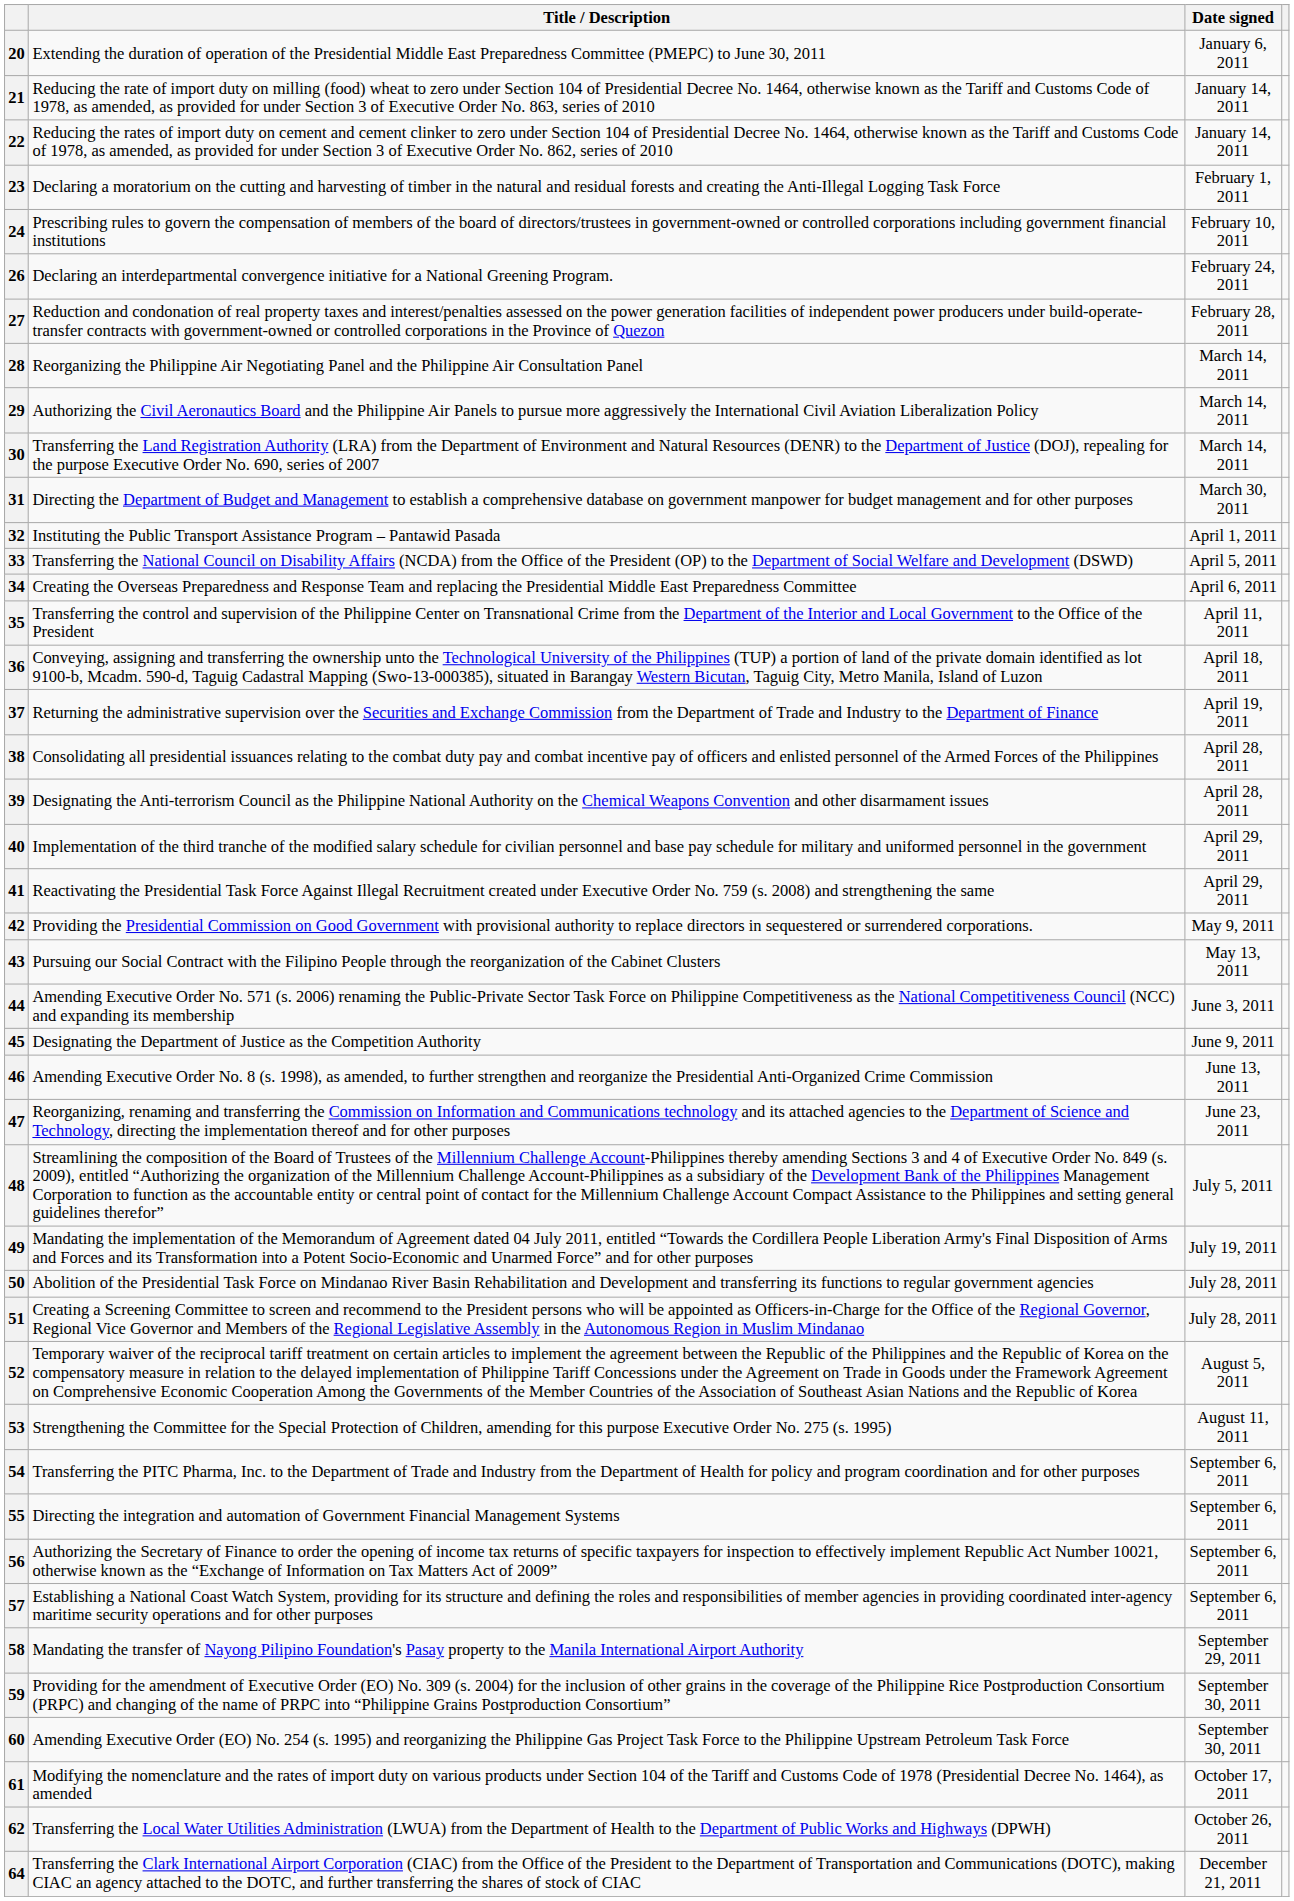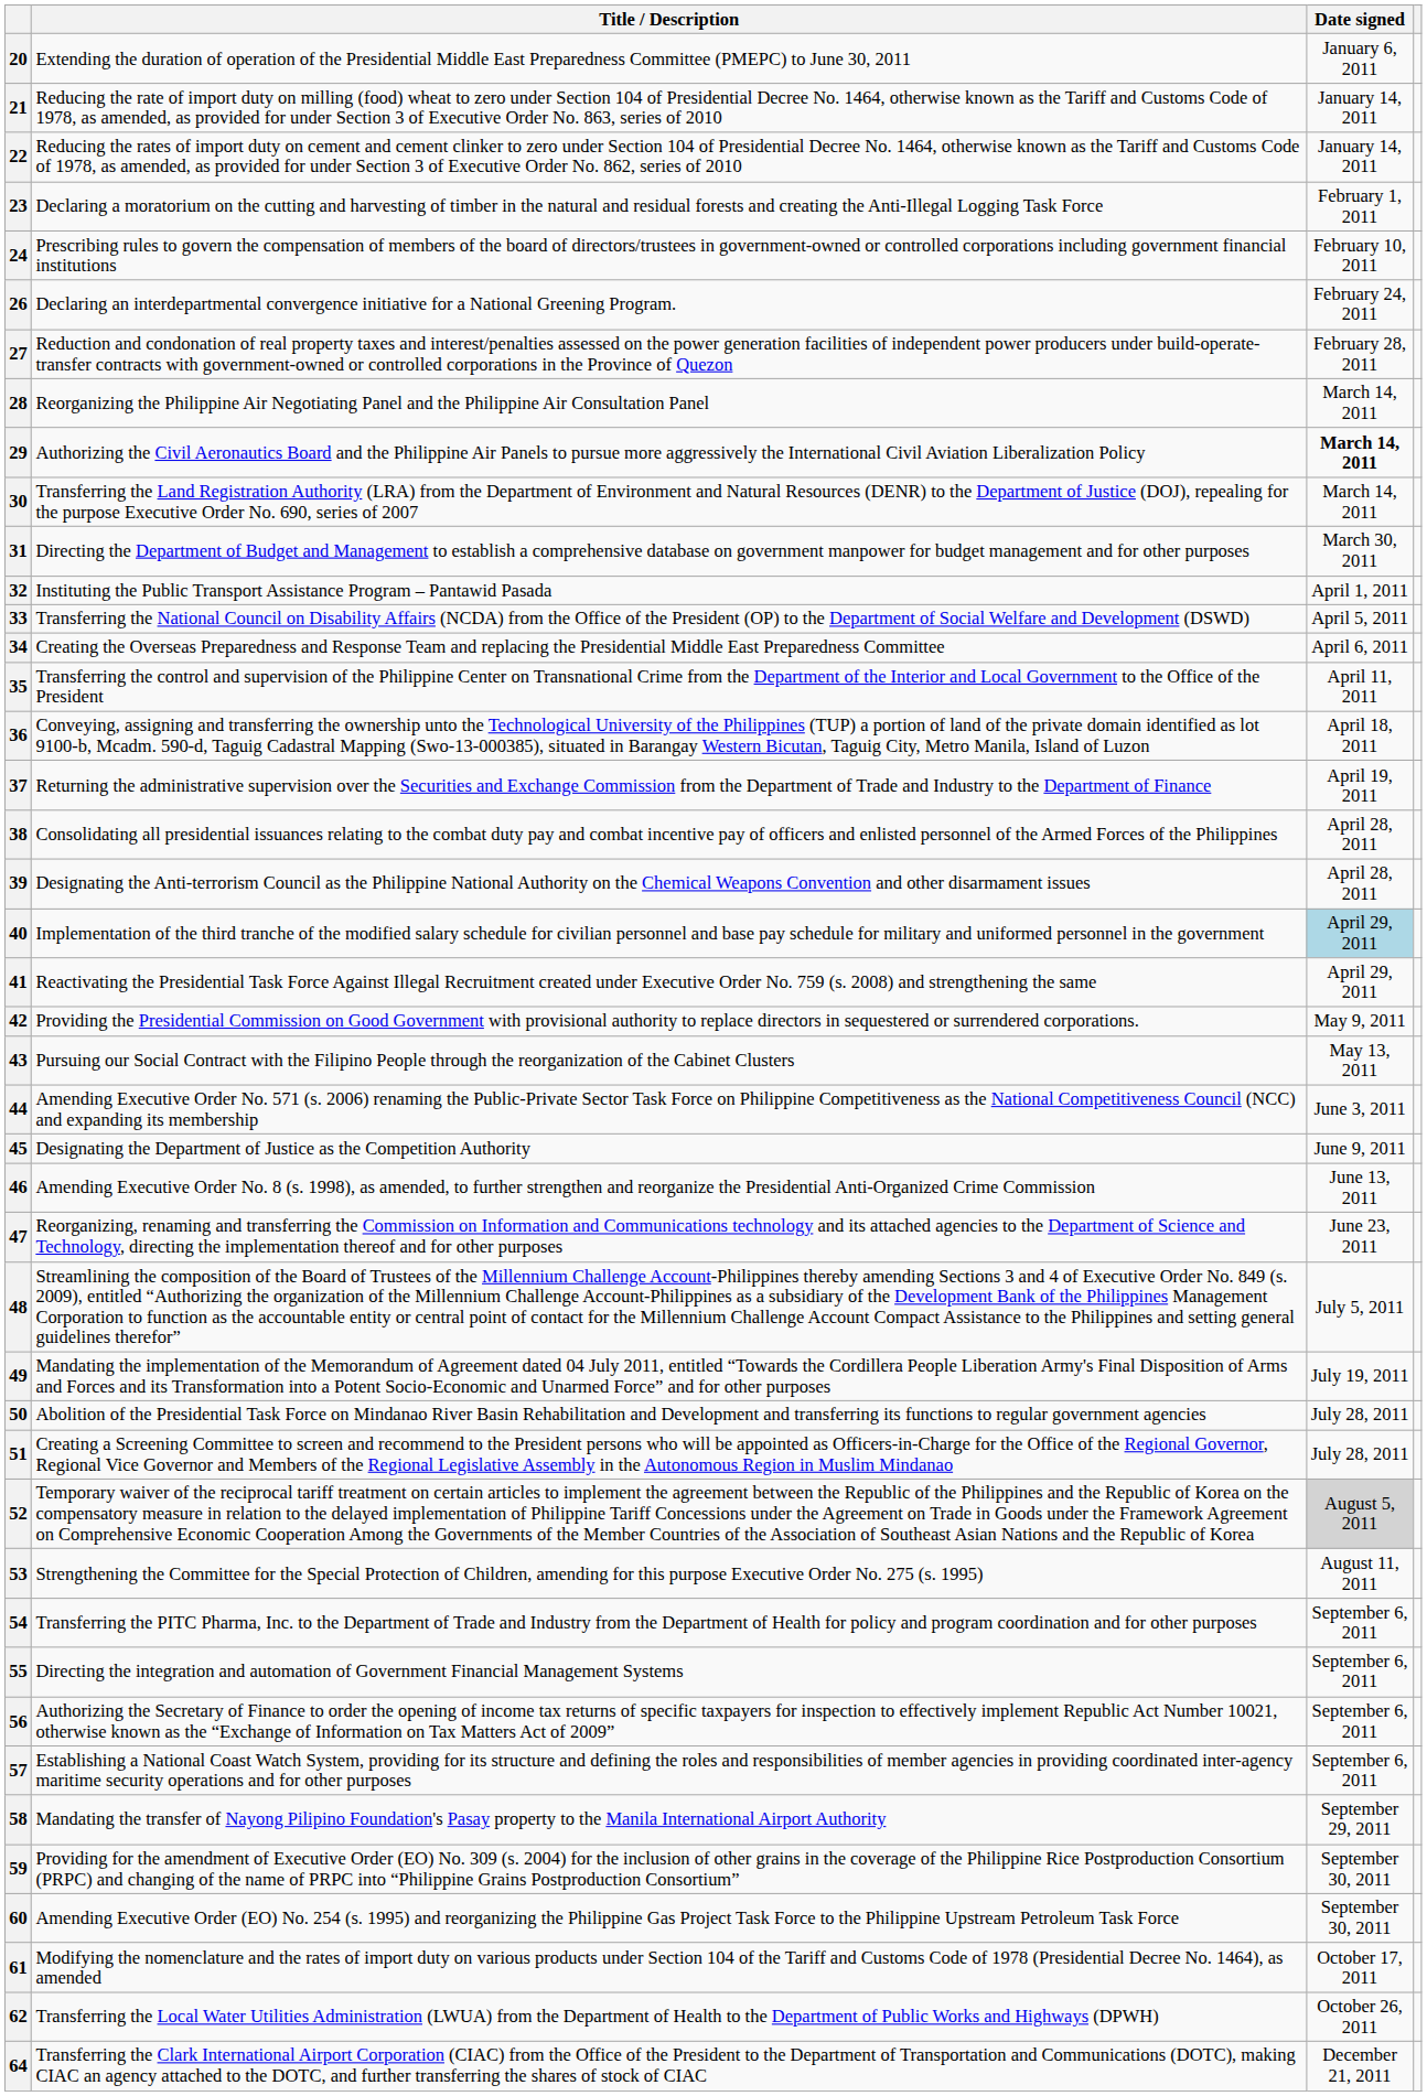 <table class="wikitable sortable" style="text-align:center;">
 <tr>
 <th scope="col"></th>
 <th scope="col">Title / Description</th>
 <th scope="col">Date signed</th>
 <th scope="col" class="unsortable"></th>
 </tr>
 <tr>
 <th scope="row">20</th>
 <td style="text-align:left;">Extending the duration of operation of the Presidential Middle East Preparedness Committee (PMEPC) to June 30, 2011</td>
 <td>January 6, 2011</td>
 <td></td>
 </tr>
 <tr>
 <th scope="row">21</th>
 <td style="text-align:left;">Reducing the rate of import duty on milling (food) wheat to zero under Section 104 of Presidential Decree No. 1464, otherwise known as the Tariff and Customs Code of 1978, as amended, as provided for under Section 3 of Executive Order No. 863, series of 2010</td>
 <td>January 14, 2011</td>
 <td></td>
 </tr>
 <tr>
 <th scope="row">22</th>
 <td style="text-align:left;">Reducing the rates of import duty on cement and cement clinker to zero under Section 104 of Presidential Decree No. 1464, otherwise known as the Tariff and Customs Code of 1978, as amended, as provided for under Section 3 of Executive Order No. 862, series of 2010</td>
 <td>January 14, 2011</td>
 <td></td>
 </tr>
 <tr>
 <th scope="row">23</th>
 <td style="text-align:left;">Declaring a moratorium on the cutting and harvesting of timber in the natural and residual forests and creating the Anti-Illegal Logging Task Force</td>
 <td>February 1, 2011</td>
 <td></td>
 </tr>
 <tr>
 <th scope="row">24</th>
 <td style="text-align:left;">Prescribing rules to govern the compensation of members of the board of directors/trustees in government-owned or controlled corporations including government financial institutions</td>
 <td>February 10, 2011</td>
 <td></td>
 </tr>
 <tr>
 <th scope="row">26</th>
 <td style="text-align:left;">Declaring an interdepartmental convergence initiative for a National Greening Program.</td>
 <td>February 24, 2011</td>
 <td></td>
 </tr>
 <tr>
 <th scope="row">27</th>
 <td style="text-align:left;">Reduction and condonation of real property taxes and interest/penalties assessed on the power generation facilities of independent power producers under build-operate-transfer contracts with government-owned or controlled corporations in the Province of <a href='#'>Quezon</a></td>
 <td>February 28, 2011</td>
 <td></td>
 </tr>
 <tr>
 <th scope="row">28</th>
 <td style="text-align:left;">Reorganizing the Philippine Air Negotiating Panel and the Philippine Air Consultation Panel</td>
 <td>March 14, 2011</td>
 <td></td>
 </tr>
 <tr>
 <th scope="row">29</th>
 <td style="text-align:left;">Authorizing the <a href='#'>Civil Aeronautics Board</a> and the Philippine Air Panels to pursue more aggressively the International Civil Aviation Liberalization Policy</td>
-<td>March 14, 2011</td>
+<td><strong>March 14, 2011</strong></td>
 <td></td>
 </tr>
 <tr>
 <th scope="row">30</th>
 <td style="text-align:left;">Transferring the <a href='#'>Land Registration Authority</a> (LRA) from the Department of Environment and Natural Resources (DENR) to the <a href='#'>Department of Justice</a> (DOJ), repealing for the purpose Executive Order No. 690, series of 2007</td>
 <td>March 14, 2011</td>
 <td></td>
 </tr>
 <tr>
 <th scope="row">31</th>
 <td style="text-align:left;">Directing the <a href='#'>Department of Budget and Management</a> to establish a comprehensive database on government manpower for budget management and for other purposes</td>
 <td>March 30, 2011</td>
 <td></td>
 </tr>
 <tr>
 <th scope="row">32</th>
 <td style="text-align:left;">Instituting the Public Transport Assistance Program – Pantawid Pasada</td>
 <td>April 1, 2011</td>
 <td></td>
 </tr>
 <tr>
 <th scope="row">33</th>
 <td style="text-align:left;">Transferring the <a href='#'>National Council on Disability Affairs</a> (NCDA) from the Office of the President (OP) to the <a href='#'>Department of Social Welfare and Development</a> (DSWD)</td>
 <td>April 5, 2011</td>
 <td></td>
 </tr>
 <tr>
 <th scope="row">34</th>
 <td style="text-align:left;">Creating the Overseas Preparedness and Response Team and replacing the Presidential Middle East Preparedness Committee</td>
 <td>April 6, 2011</td>
 <td></td>
 </tr>
 <tr>
 <th scope="row">35</th>
 <td style="text-align:left;">Transferring the control and supervision of the Philippine Center on Transnational Crime from the <a href='#'>Department of the Interior and Local Government</a> to the Office of the President</td>
 <td>April 11, 2011</td>
 <td></td>
 </tr>
 <tr>
 <th scope="row">36</th>
 <td style="text-align:left;">Conveying, assigning and transferring the ownership unto the <a href='#'>Technological University of the Philippines</a> (TUP) a portion of land of the private domain identified as lot 9100-b, Mcadm. 590-d, Taguig Cadastral Mapping (Swo-13-000385), situated in Barangay <a href='#'>Western Bicutan</a>, Taguig City, Metro Manila, Island of Luzon</td>
 <td>April 18, 2011</td>
 <td></td>
 </tr>
 <tr>
 <th scope="row">37</th>
 <td style="text-align:left;">Returning the administrative supervision over the <a href='#'>Securities and Exchange Commission</a> from the Department of Trade and Industry to the <a href='#'>Department of Finance</a></td>
 <td>April 19, 2011</td>
 <td></td>
 </tr>
 <tr>
 <th scope="row">38</th>
 <td style="text-align:left;">Consolidating all presidential issuances relating to the combat duty pay and combat incentive pay of officers and enlisted personnel of the Armed Forces of the Philippines</td>
 <td>April 28, 2011</td>
 <td></td>
 </tr>
 <tr>
 <th scope="row">39</th>
 <td style="text-align:left;">Designating the Anti-terrorism Council as the Philippine National Authority on the <a href='#'>Chemical Weapons Convention</a> and other disarmament issues</td>
 <td>April 28, 2011</td>
 <td></td>
 </tr>
 <tr>
 <th scope="row">40</th>
 <td style="text-align:left;">Implementation of the third tranche of the modified salary schedule for civilian personnel and base pay schedule for military and uniformed personnel in the government</td>
-<td>April 29, 2011</td>
+<td style="background: lightblue;">April 29, 2011</td>
 <td></td>
 </tr>
 <tr>
 <th scope="row">41</th>
 <td style="text-align:left;">Reactivating the Presidential Task Force Against Illegal Recruitment created under Executive Order No. 759 (s. 2008) and strengthening the same</td>
 <td>April 29, 2011</td>
 <td></td>
 </tr>
 <tr>
 <th scope="row">42</th>
 <td style="text-align:left;">Providing the <a href='#'>Presidential Commission on Good Government</a> with provisional authority to replace directors in sequestered or surrendered corporations.</td>
 <td>May 9, 2011</td>
 <td></td>
 </tr>
 <tr>
 <th scope="row">43</th>
 <td style="text-align:left;">Pursuing our Social Contract with the Filipino People through the reorganization of the Cabinet Clusters</td>
 <td>May 13, 2011</td>
 <td></td>
 </tr>
 <tr>
 <th scope="row">44</th>
 <td style="text-align:left;">Amending Executive Order No. 571 (s. 2006) renaming the Public-Private Sector Task Force on Philippine Competitiveness as the <a href='#'>National Competitiveness Council</a> (NCC) and expanding its membership</td>
 <td>June 3, 2011</td>
 <td></td>
 </tr>
 <tr>
 <th scope="row">45</th>
 <td style="text-align:left;">Designating the Department of Justice as the Competition Authority</td>
 <td>June 9, 2011</td>
 <td></td>
 </tr>
 <tr>
 <th scope="row">46</th>
 <td style="text-align:left;">Amending Executive Order No. 8 (s. 1998), as amended, to further strengthen and reorganize the Presidential Anti-Organized Crime Commission</td>
 <td>June 13, 2011</td>
 <td></td>
 </tr>
 <tr>
 <th scope="row">47</th>
 <td style="text-align:left;">Reorganizing, renaming and transferring the <a href='#'>Commission on Information and Communications technology</a> and its attached agencies to the <a href='#'>Department of Science and Technology</a>, directing the implementation thereof and for other purposes</td>
 <td>June 23, 2011</td>
 <td></td>
 </tr>
 <tr>
 <th scope="row">48</th>
 <td style="text-align:left;">Streamlining the composition of the Board of Trustees of the <a href='#'>Millennium Challenge Account</a>-Philippines thereby amending Sections 3 and 4 of Executive Order No. 849 (s. 2009), entitled “Authorizing the organization of the Millennium Challenge Account-Philippines as a subsidiary of the <a href='#'>Development Bank of the Philippines</a> Management Corporation to function as the accountable entity or central point of contact for the Millennium Challenge Account Compact Assistance to the Philippines and setting general guidelines therefor”</td>
 <td>July 5, 2011</td>
 <td></td>
 </tr>
 <tr>
 <th scope="row">49</th>
 <td style="text-align:left;">Mandating the implementation of the Memorandum of Agreement dated 04 July 2011, entitled “Towards the Cordillera People Liberation Army's Final Disposition of Arms and Forces and its Transformation into a Potent Socio-Economic and Unarmed Force” and for other purposes</td>
 <td>July 19, 2011</td>
 <td></td>
 </tr>
 <tr>
 <th scope="row">50</th>
 <td style="text-align:left;">Abolition of the Presidential Task Force on Mindanao River Basin Rehabilitation and Development and transferring its functions to regular government agencies</td>
 <td>July 28, 2011</td>
 <td></td>
 </tr>
 <tr>
 <th scope="row">51</th>
 <td style="text-align:left;">Creating a Screening Committee to screen and recommend to the President persons who will be appointed as Officers-in-Charge for the Office of the <a href='#'>Regional Governor</a>, Regional Vice Governor and Members of the <a href='#'>Regional Legislative Assembly</a> in the <a href='#'>Autonomous Region in Muslim Mindanao</a></td>
 <td>July 28, 2011</td>
 <td></td>
 </tr>
 <tr>
 <th scope="row">52</th>
 <td style="text-align:left;">Temporary waiver of the reciprocal tariff treatment on certain articles to implement the agreement between the Republic of the Philippines and the Republic of Korea on the compensatory measure in relation to the delayed implementation of Philippine Tariff Concessions under the Agreement on Trade in Goods under the Framework Agreement on Comprehensive Economic Cooperation Among the Governments of the Member Countries of the Association of Southeast Asian Nations and the Republic of Korea</td>
-<td>August 5, 2011</td>
+<td style="background: lightgrey;">August 5, 2011</td>
 <td></td>
 </tr>
 <tr>
 <th scope="row">53</th>
 <td style="text-align:left;">Strengthening the Committee for the Special Protection of Children, amending for this purpose Executive Order No. 275 (s. 1995)</td>
 <td>August 11, 2011</td>
 <td></td>
 </tr>
 <tr>
 <th scope="row">54</th>
 <td style="text-align:left;">Transferring the PITC Pharma, Inc. to the Department of Trade and Industry from the Department of Health for policy and program coordination and for other purposes</td>
 <td>September 6, 2011</td>
 <td></td>
 </tr>
 <tr>
 <th scope="row">55</th>
 <td style="text-align:left;">Directing the integration and automation of Government Financial Management Systems</td>
 <td>September 6, 2011</td>
 <td></td>
 </tr>
 <tr>
 <th scope="row">56</th>
 <td style="text-align:left;">Authorizing the Secretary of Finance to order the opening of income tax returns of specific taxpayers for inspection to effectively implement Republic Act Number 10021, otherwise known as the “Exchange of Information on Tax Matters Act of 2009”</td>
 <td>September 6, 2011</td>
 <td></td>
 </tr>
 <tr>
 <th scope="row">57</th>
 <td style="text-align:left;">Establishing a National Coast Watch System, providing for its structure and defining the roles and responsibilities of member agencies in providing coordinated inter-agency maritime security operations and for other purposes</td>
 <td>September 6, 2011</td>
 <td></td>
 </tr>
 <tr>
 <th scope="row">58</th>
 <td style="text-align:left;">Mandating the transfer of <a href='#'>Nayong Pilipino Foundation</a>'s <a href='#'>Pasay</a> property to the <a href='#'>Manila International Airport Authority</a></td>
 <td>September 29, 2011</td>
 <td></td>
 </tr>
 <tr>
 <th scope="row">59</th>
 <td style="text-align:left;">Providing for the amendment of Executive Order (EO) No. 309 (s. 2004) for the inclusion of other grains in the coverage of the Philippine Rice Postproduction Consortium (PRPC) and changing of the name of PRPC into “Philippine Grains Postproduction Consortium”</td>
 <td>September 30, 2011</td>
 <td></td>
 </tr>
 <tr>
 <th scope="row">60</th>
 <td style="text-align:left;">Amending Executive Order (EO) No. 254 (s. 1995) and reorganizing the Philippine Gas Project Task Force to the Philippine Upstream Petroleum Task Force</td>
 <td>September 30, 2011</td>
 <td></td>
 </tr>
 <tr>
 <th scope="row">61</th>
 <td style="text-align:left;">Modifying the nomenclature and the rates of import duty on various products under Section 104 of the Tariff and Customs Code of 1978 (Presidential Decree No. 1464), as amended</td>
 <td>October 17, 2011</td>
 <td></td>
 </tr>
 <tr>
 <th scope="row">62</th>
 <td style="text-align:left;">Transferring the <a href='#'>Local Water Utilities Administration</a> (LWUA) from the Department of Health to the <a href='#'>Department of Public Works and Highways</a> (DPWH)</td>
 <td>October 26, 2011</td>
 <td></td>
 </tr>
 <tr>
 <th scope="row">64</th>
 <td style="text-align:left;">Transferring the <a href='#'>Clark International Airport Corporation</a> (CIAC) from the Office of the President to the Department of Transportation and Communications (DOTC), making CIAC an agency attached to the DOTC, and further transferring the shares of stock of CIAC</td>
 <td>December 21, 2011</td>
 <td></td>
 </tr>
 </table>
